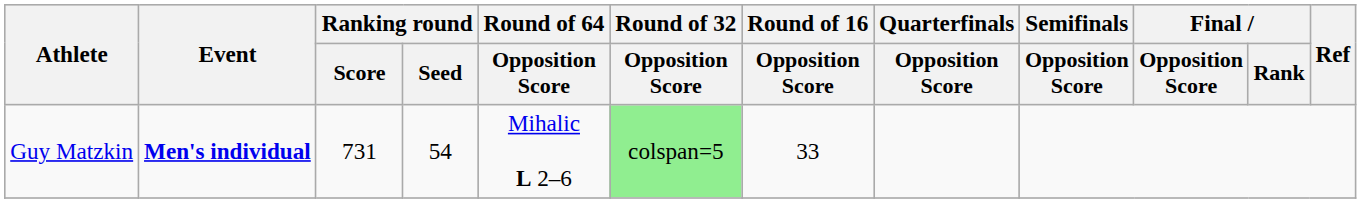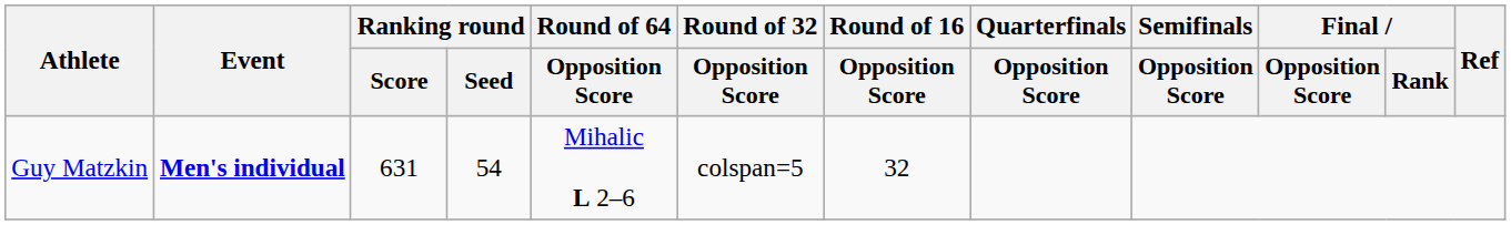 <table class="wikitable" style="font-size:90%">
 <tr>
 <th rowspan=2>Athlete</th>
 <th rowspan=2>Event</th>
 <th colspan=2>Ranking round</th>
 <th>Round of 64</th>
 <th>Round of 32</th>
 <th>Round of 16</th>
 <th>Quarterfinals</th>
 <th>Semifinals</th>
 <th colspan=2>Final / </th>
 <th rowspan=2>Ref</th>
 </tr>
 <tr style="font-size:95%">
 <th>Score</th>
 <th>Seed</th>
 <th>Opposition<br>Score</th>
 <th>Opposition<br>Score</th>
 <th>Opposition<br>Score</th>
 <th>Opposition<br>Score</th>
 <th>Opposition<br>Score</th>
 <th>Opposition<br>Score</th>
 <th>Rank</th>
 </tr>
 <tr align=center>
 <td align=left><a href='#'>Guy Matzkin</a></td>
 <td align=left><strong><a href='#'>Men's individual</a></strong></td>
-<td>731</td>
+<td>631</td>
 <td>54</td>
 <td><a href='#'>Mihalic</a><br><br><strong>L</strong> 2–6</td>
-<td style="background: lightgreen;">colspan=5 </td>
-<td>33</td>
+<td>colspan=5 </td>
+<td>32</td>
 <td></td>
 </tr>
 </table>
